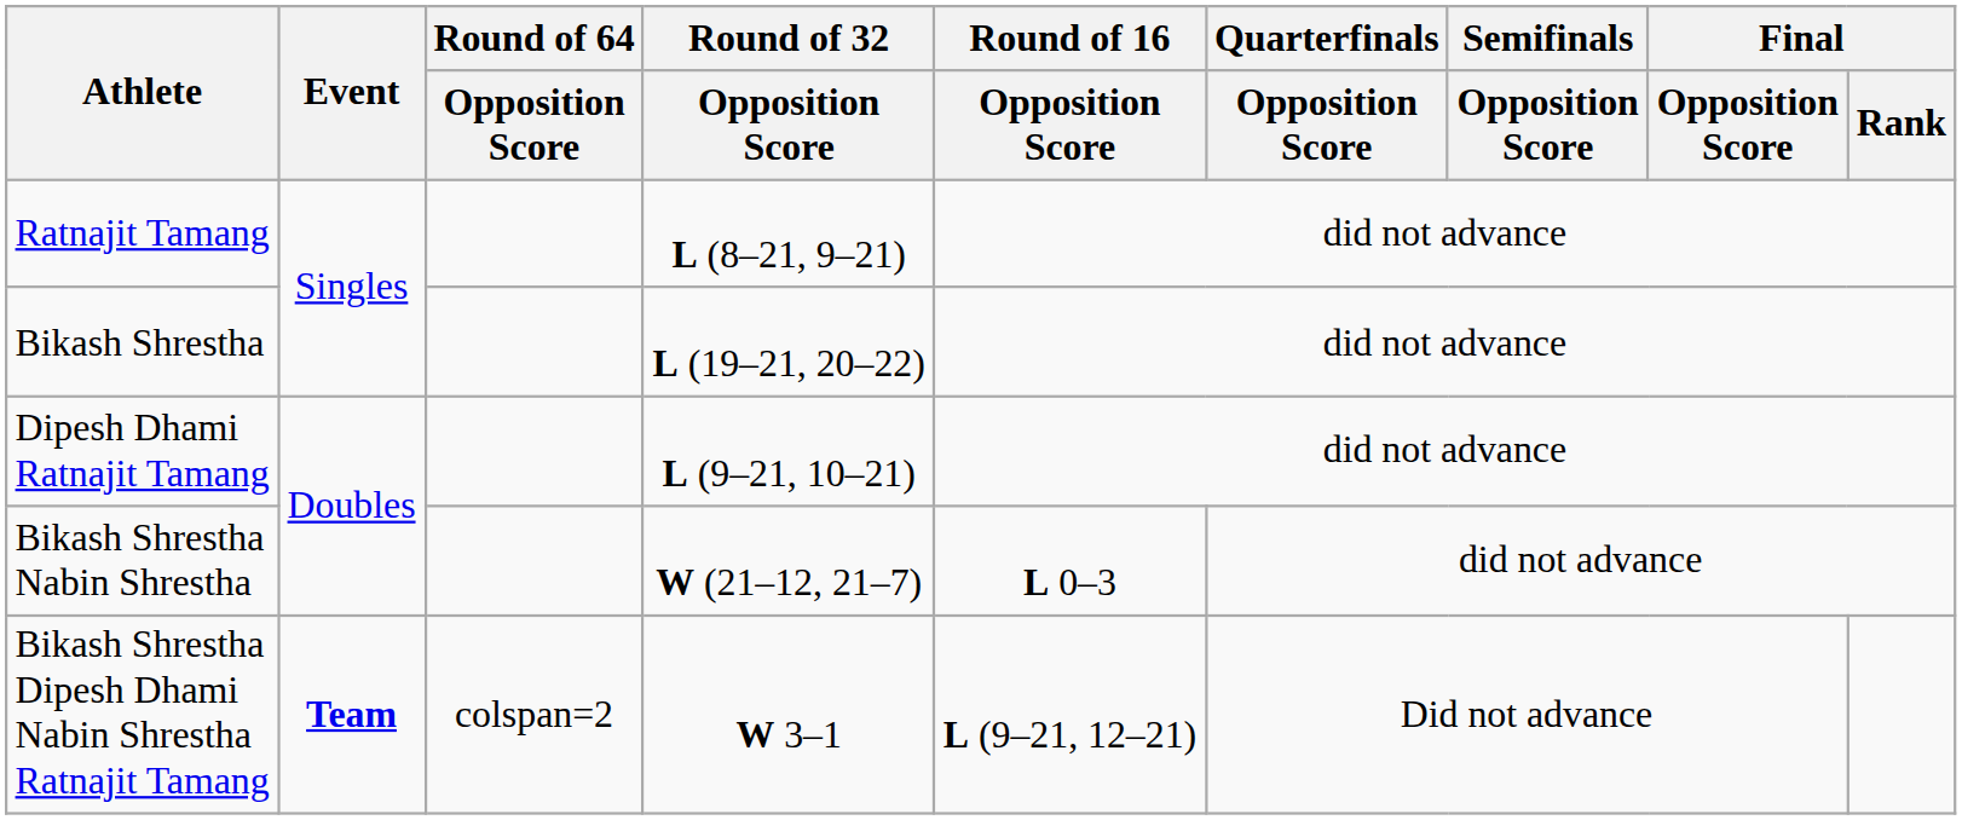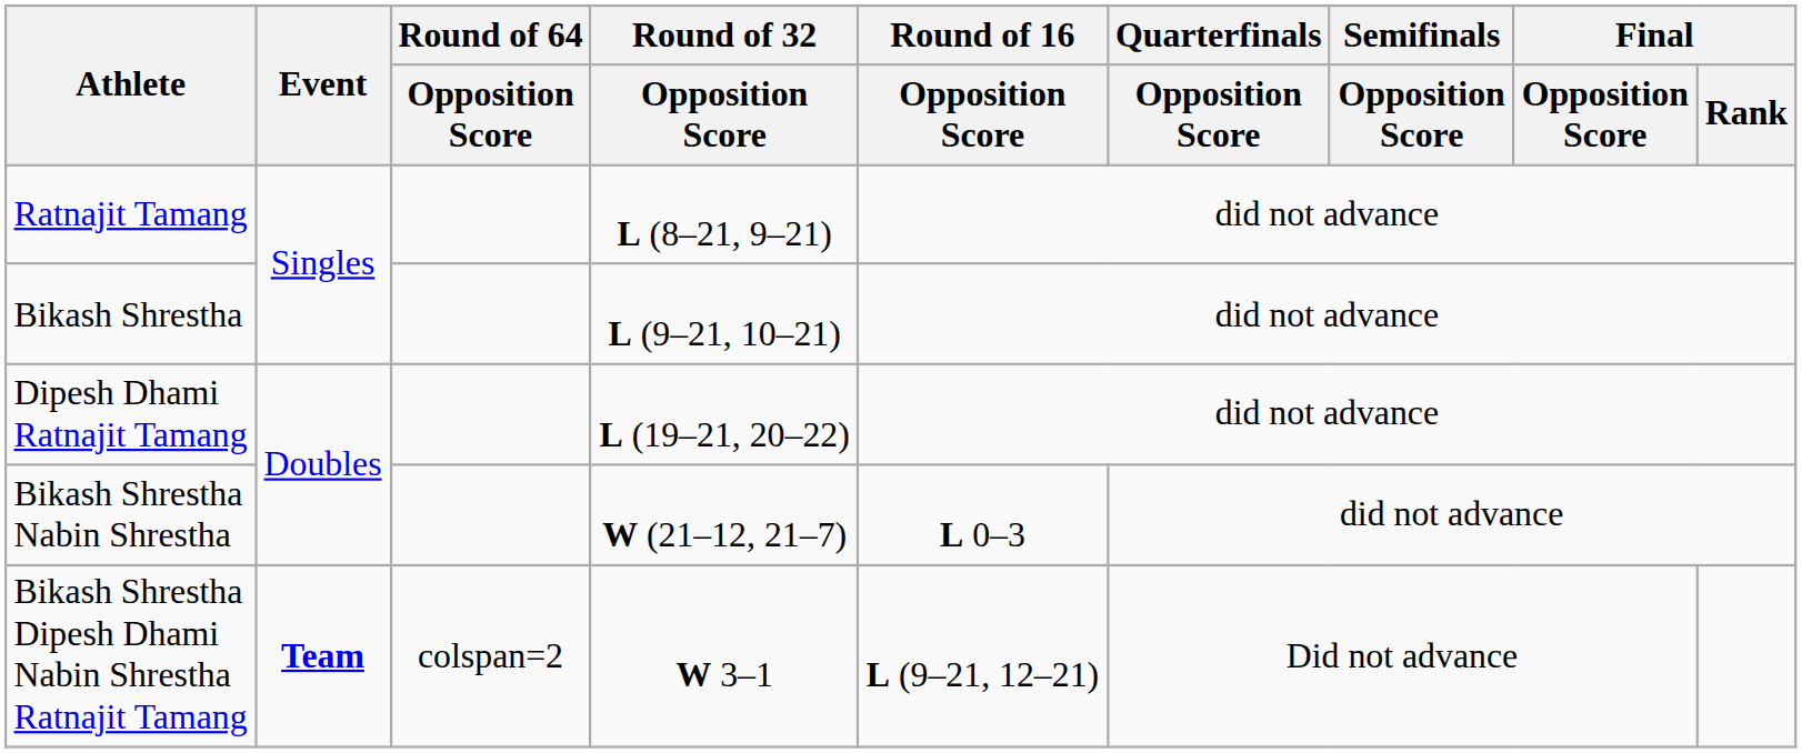 <table class=wikitable style=font-size:90%;text-align:center>
 <tr>
 <th rowspan="2">Athlete</th>
 <th rowspan="2">Event</th>
 <th>Round of 64</th>
 <th>Round of 32</th>
 <th>Round of 16</th>
 <th>Quarterfinals</th>
 <th>Semifinals</th>
 <th colspan="2">Final</th>
 </tr>
 <tr>
 <th>Opposition<br>Score</th>
 <th>Opposition<br>Score</th>
 <th>Opposition<br>Score</th>
 <th>Opposition<br>Score</th>
 <th>Opposition<br>Score</th>
 <th>Opposition<br>Score</th>
 <th>Rank</th>
 </tr>
 <tr>
 <td align=left><a href='#'>Ratnajit Tamang</a></td>
 <td align=center rowspan=2><a href='#'>Singles</a></td>
 <td></td>
 <td><br><strong>L</strong> (8–21, 9–21)</td>
 <td colspan=5>did not advance</td>
 </tr>
 <tr>
 <td align=left>Bikash Shrestha</td>
 <td></td>
-<td><br><strong>L</strong> (19–21, 20–22)</td>
+<td><br><strong>L</strong> (9–21, 10–21)</td>
 <td colspan=5>did not advance</td>
 </tr>
 <tr>
 <td align=left>Dipesh Dhami <br> <a href='#'>Ratnajit Tamang</a></td>
 <td align=center rowspan=2><a href='#'>Doubles</a></td>
 <td></td>
-<td><br><strong>L</strong> (9–21, 10–21)</td>
+<td><br><strong>L</strong> (19–21, 20–22)</td>
 <td colspan=5>did not advance</td>
 </tr>
 <tr>
 <td align=left>Bikash Shrestha <br> Nabin Shrestha</td>
 <td></td>
 <td><br><strong>W</strong> (21–12, 21–7)</td>
 <td><br><strong>L</strong> 0–3</td>
 <td colspan=4>did not advance</td>
 </tr>
 <tr>
 <td align=left>Bikash Shrestha <br> Dipesh Dhami <br> Nabin Shrestha <br> <a href='#'>Ratnajit Tamang</a></td>
 <td align=center><strong><a href='#'>Team</a></strong></td>
 <td>colspan=2 </td>
 <td><br><strong>W</strong> 3–1</td>
 <td><br><strong>L</strong> (9–21, 12–21)</td>
 <td colspan="3">Did not advance</td>
 </tr>
 </table>
